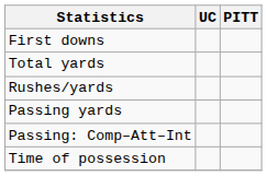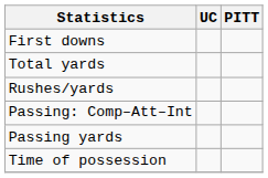 <table class="wikitable" style="float: left;">
 <tr>
 <th>Statistics</th>
 <th>UC</th>
 <th>PITT</th>
 </tr>
 <tr>
 <td>First downs</td>
 <td></td>
 <td></td>
 </tr>
 <tr>
 <td>Total yards</td>
 <td></td>
 <td></td>
 </tr>
 <tr>
 <td>Rushes/yards</td>
 <td></td>
 <td></td>
 </tr>
 <tr>
-<td>Passing yards</td>
+<td>Passing: Comp–Att–Int</td>
 <td></td>
 <td></td>
 </tr>
 <tr>
-<td>Passing: Comp–Att–Int</td>
+<td>Passing yards</td>
 <td></td>
 <td></td>
 </tr>
 <tr>
 <td>Time of possession</td>
 <td></td>
 <td></td>
 </tr>
 <tr>
 </tr>
 </table>
